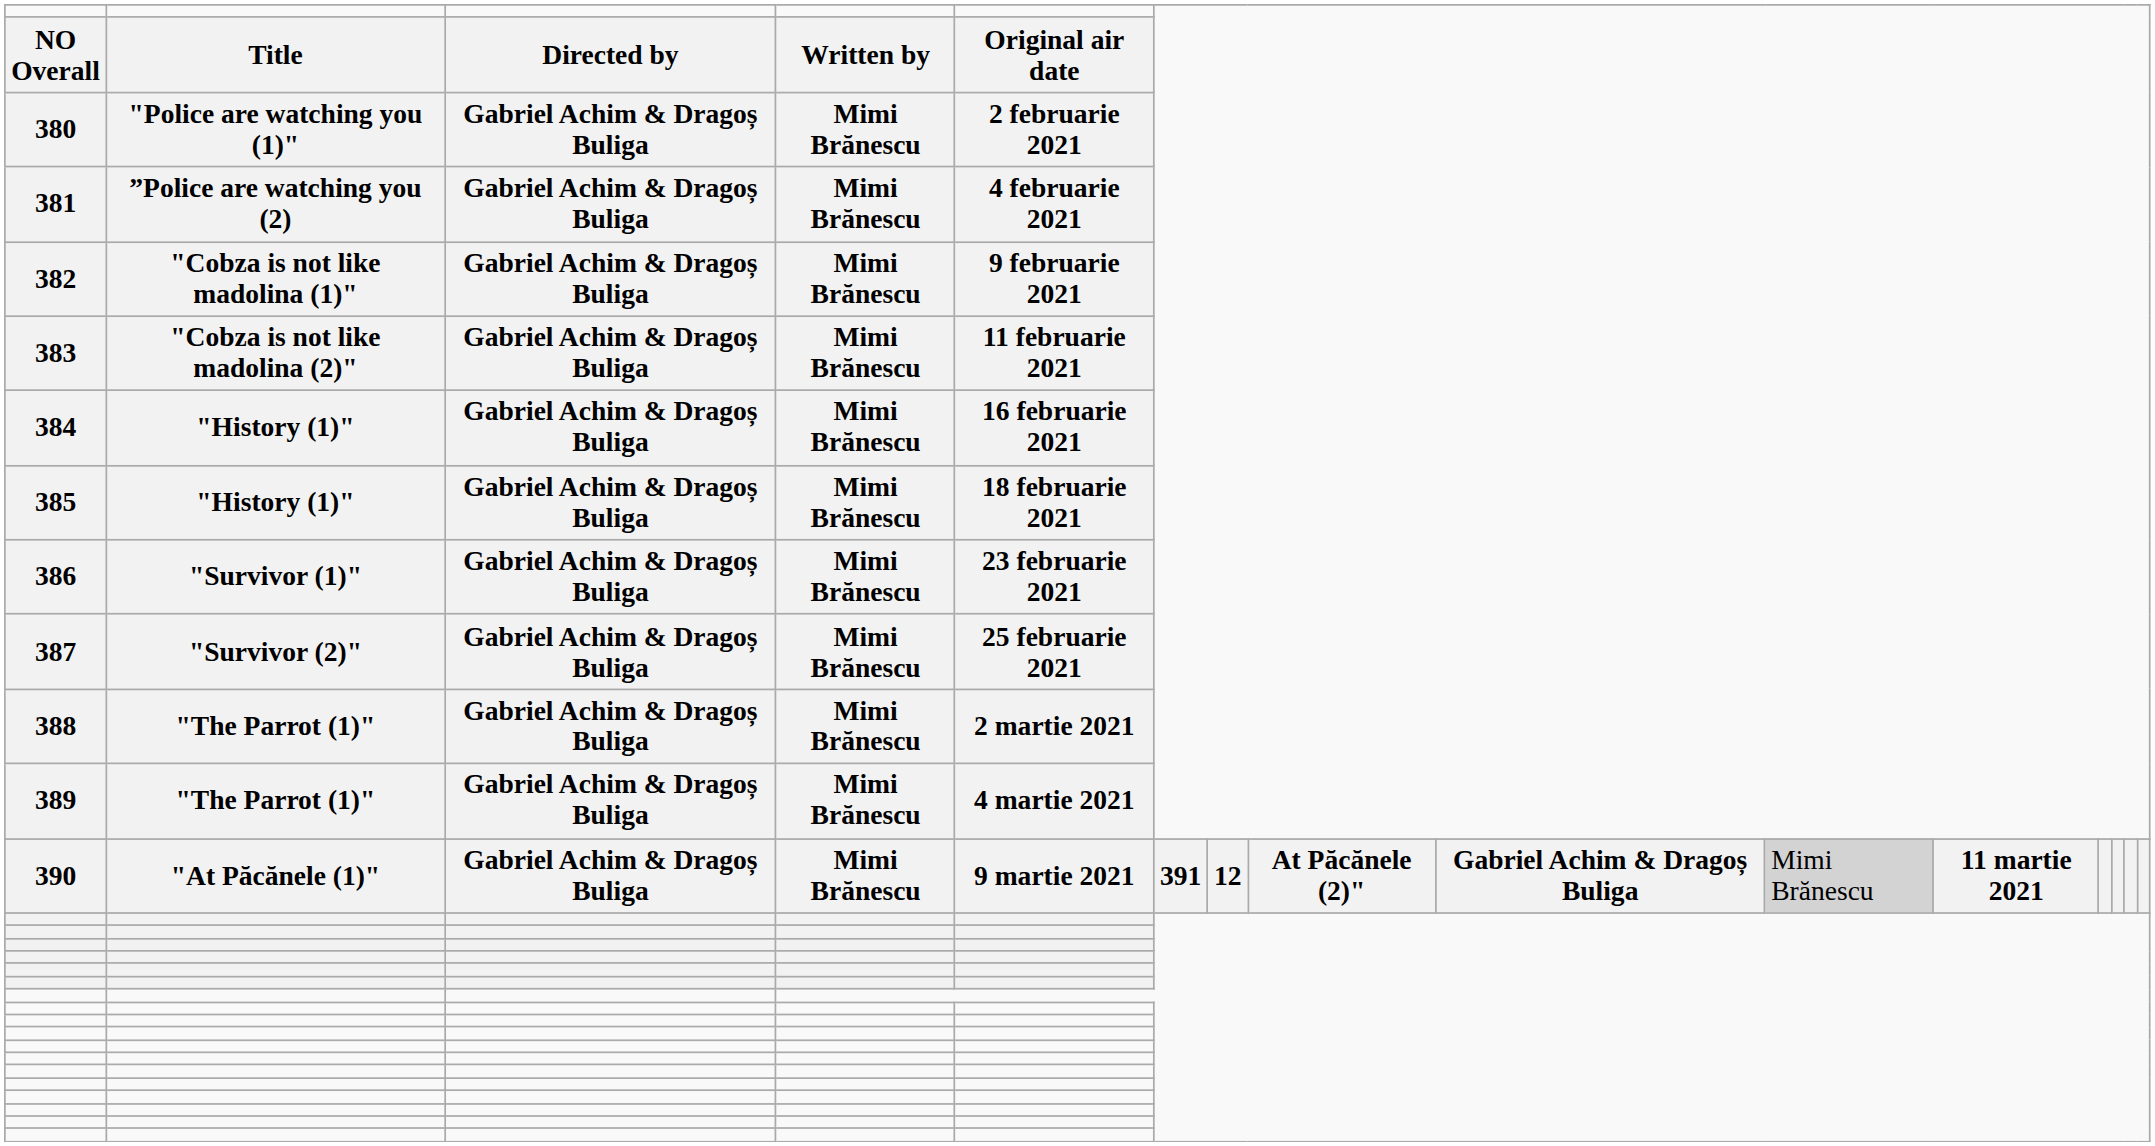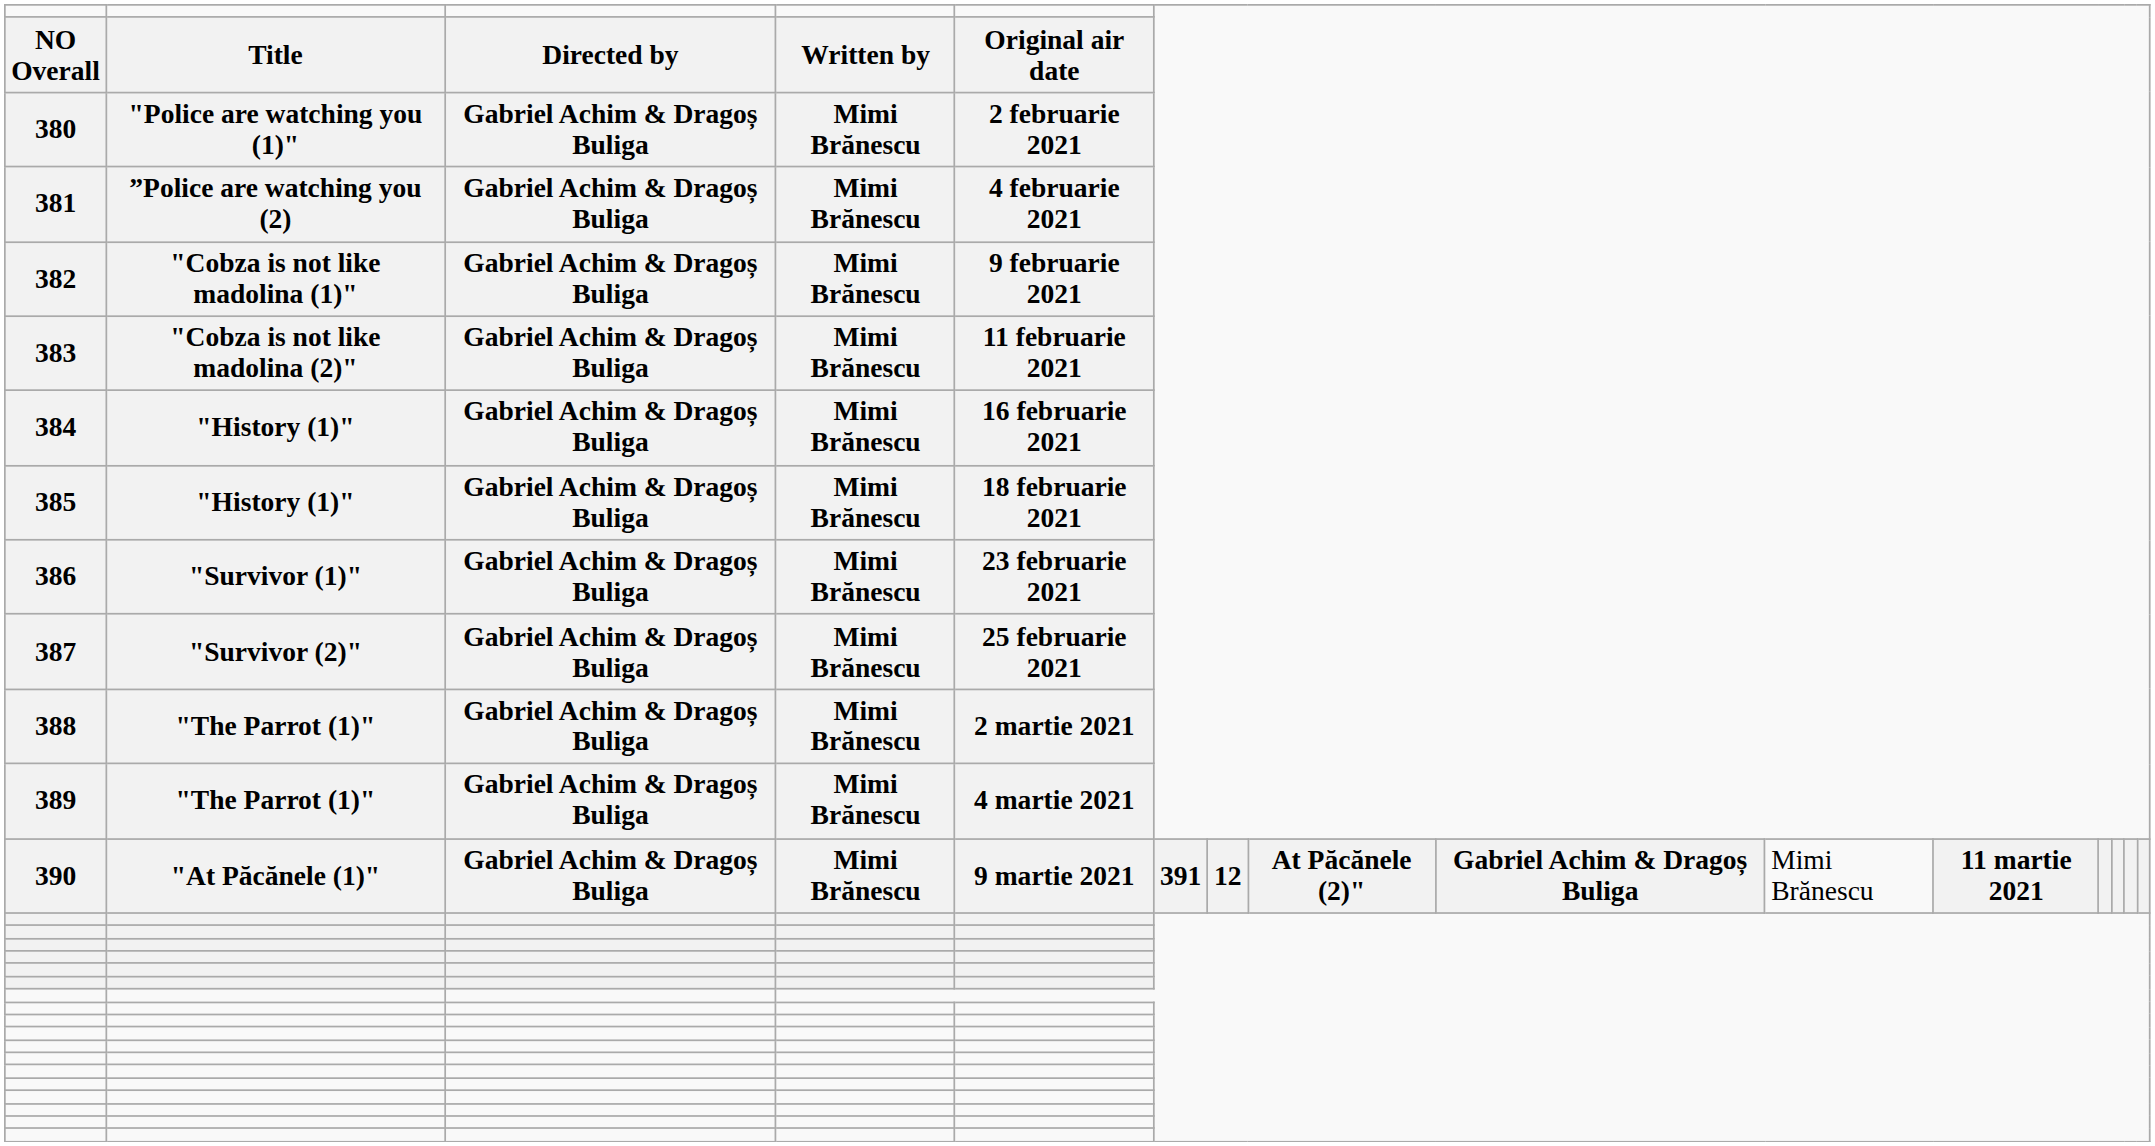 <table class="wikitable">
 <tr>
 <td></td>
 <td></td>
 <td></td>
 <td></td>
 <td></td>
 </tr>
 <tr>
 <th>NO<br>Overall</th>
 <th>Title</th>
 <th>Directed by</th>
 <th>Written by</th>
 <th>Original air date</th>
 </tr>
 <tr>
 <th>380</th>
 <th>"Police are watching you (1)"</th>
 <th>Gabriel Achim & Dragoș Buliga</th>
 <th>Mimi Brănescu</th>
 <th>2 februarie 2021</th>
 </tr>
 <tr>
 <th>381</th>
 <th>”Police are watching you (2)</th>
 <th>Gabriel Achim & Dragoș Buliga</th>
 <th>Mimi Brănescu</th>
 <th>4 februarie 2021</th>
 </tr>
 <tr>
 <th>382</th>
 <th>"Cobza is not like madolina (1)"</th>
 <th>Gabriel Achim & Dragoș Buliga</th>
 <th>Mimi Brănescu</th>
 <th>9 februarie 2021</th>
 </tr>
 <tr>
 <th>383</th>
 <th>"Cobza is not like madolina (2)"</th>
 <th>Gabriel Achim & Dragoș Buliga</th>
 <th>Mimi Brănescu</th>
 <th>11 februarie 2021</th>
 </tr>
 <tr>
 <th>384</th>
 <th>"History (1)"</th>
 <th>Gabriel Achim & Dragoș Buliga</th>
 <th>Mimi Brănescu</th>
 <th>16 februarie 2021</th>
 </tr>
 <tr>
 <th>385</th>
 <th>"History (1)"</th>
 <th>Gabriel Achim & Dragoș Buliga</th>
 <th>Mimi Brănescu</th>
 <th>18 februarie 2021</th>
 </tr>
 <tr>
 <th>386</th>
 <th>"Survivor (1)"</th>
 <th>Gabriel Achim & Dragoș Buliga</th>
 <th>Mimi Brănescu</th>
 <th>23 februarie 2021</th>
 </tr>
 <tr>
 <th>387</th>
 <th>"Survivor (2)"</th>
 <th>Gabriel Achim & Dragoș Buliga</th>
 <th>Mimi Brănescu</th>
 <th>25 februarie 2021</th>
 </tr>
 <tr>
 <th>388</th>
 <th>"The Parrot (1)"</th>
 <th>Gabriel Achim & Dragoș Buliga</th>
 <th>Mimi Brănescu</th>
 <th>2 martie 2021</th>
 </tr>
 <tr>
 <th>389</th>
 <th>"The Parrot (1)"</th>
 <th>Gabriel Achim & Dragoș Buliga</th>
 <th>Mimi Brănescu</th>
 <th>4 martie 2021</th>
 </tr>
 <tr>
 <th>390</th>
 <th>"At Păcănele (1)"</th>
 <th>Gabriel Achim & Dragoș Buliga</th>
 <th>Mimi Brănescu</th>
 <th>9 martie 2021</th>
 <th>391</th>
 <th>12</th>
 <th>At Păcănele (2)"</th>
 <th>Gabriel Achim & Dragoș Buliga</th>
-<td style="background: lightgrey;">Mimi Brănescu</td>
+<td>Mimi Brănescu</td>
 <th>11 martie 2021</th>
 <th></th>
 <th></th>
 <th></th>
 <th></th>
 </tr>
 <tr>
 <th></th>
 <th></th>
 <th></th>
 <th></th>
 <th></th>
 </tr>
 <tr>
 <th></th>
 <th></th>
 <th></th>
 <th></th>
 <th></th>
 </tr>
 <tr>
 <th></th>
 <th></th>
 <th></th>
 <th></th>
 <th></th>
 </tr>
 <tr>
 <th></th>
 <th></th>
 <th></th>
 <th></th>
 <th></th>
 </tr>
 <tr>
 <th></th>
 <th></th>
 <th></th>
 <th></th>
 <th></th>
 </tr>
 <tr>
 <th></th>
 <th></th>
 <th></th>
 <th></th>
 <th></th>
 </tr>
 <tr>
 <td></td>
 <td></td>
 <td></td>
 </tr>
 <tr>
 <td></td>
 <td></td>
 <td></td>
 <td></td>
 <td></td>
 </tr>
 <tr>
 <td></td>
 <td></td>
 <td></td>
 <td></td>
 <td></td>
 </tr>
 <tr>
 <td></td>
 <td></td>
 <td></td>
 <td></td>
 <td></td>
 </tr>
 <tr>
 <td></td>
 <td></td>
 <td></td>
 <td></td>
 <td></td>
 </tr>
 <tr>
 <td></td>
 <td></td>
 <td></td>
 <td></td>
 <td></td>
 </tr>
 <tr>
 <td></td>
 <td></td>
 <td></td>
 <td></td>
 <td></td>
 </tr>
 <tr>
 <td></td>
 <td></td>
 <td></td>
 <td></td>
 <td></td>
 </tr>
 <tr>
 <td></td>
 <td></td>
 <td></td>
 <td></td>
 <td></td>
 </tr>
 <tr>
 <td></td>
 <td></td>
 <td></td>
 <td></td>
 <td></td>
 </tr>
 <tr>
 <td></td>
 <td></td>
 <td></td>
 <td></td>
 <td></td>
 </tr>
 <tr>
 <td></td>
 <td></td>
 <td></td>
 <td></td>
 <td></td>
 </tr>
 </table>
